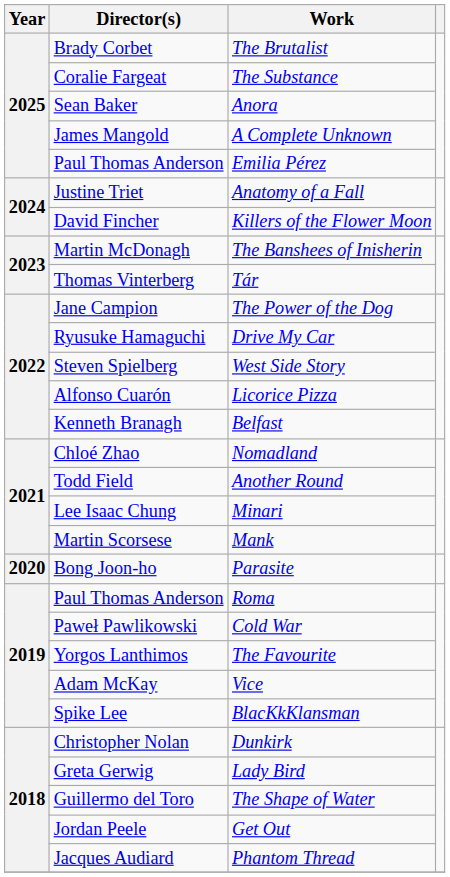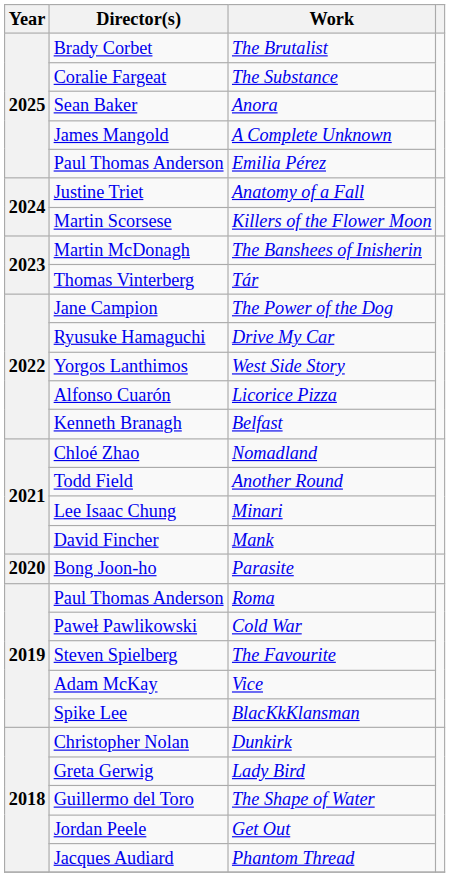 <table class="wikitable">
 <tr>
 <th>Year</th>
 <th>Director(s)</th>
 <th>Work</th>
 <th></th>
 </tr>
 <tr>
 <th rowspan="5">2025</th>
 <td><a href='#'>Brady Corbet</a></td>
 <td><em><a href='#'>The Brutalist</a></em></td>
 <td rowspan="5"></td>
 </tr>
 <tr>
 <td><a href='#'>Coralie Fargeat</a></td>
 <td><em><a href='#'>The Substance</a></em></td>
 </tr>
 <tr>
 <td><a href='#'>Sean Baker</a></td>
 <td><em><a href='#'>Anora</a></em></td>
 </tr>
 <tr>
 <td><a href='#'>James Mangold</a></td>
 <td><em><a href='#'>A Complete Unknown</a></em></td>
 </tr>
 <tr>
 <td><a href='#'>Paul Thomas Anderson</a></td>
 <td><em><a href='#'>Emilia Pérez</a></em></td>
 </tr>
 <tr>
 <th rowspan="2">2024</th>
 <td><a href='#'>Justine Triet</a></td>
 <td><em><a href='#'>Anatomy of a Fall</a></em></td>
 <td rowspan="2"></td>
 </tr>
 <tr>
-<td><a href='#'>David Fincher</a></td>
+<td><a href='#'>Martin Scorsese</a></td>
 <td><em><a href='#'>Killers of the Flower Moon</a></em></td>
 </tr>
 <tr>
 <th rowspan="2">2023</th>
 <td><a href='#'>Martin McDonagh</a></td>
 <td><em><a href='#'>The Banshees of Inisherin</a></em></td>
 <td rowspan="2"></td>
 </tr>
 <tr>
 <td><a href='#'>Thomas Vinterberg</a></td>
 <td><em><a href='#'>Tár</a></em></td>
 </tr>
 <tr>
 <th rowspan="5">2022</th>
 <td><a href='#'>Jane Campion</a></td>
 <td><em><a href='#'>The Power of the Dog</a></em></td>
 <td rowspan="5"></td>
 </tr>
 <tr>
 <td><a href='#'>Ryusuke Hamaguchi</a></td>
 <td><em><a href='#'>Drive My Car</a></em></td>
 </tr>
 <tr>
-<td><a href='#'>Steven Spielberg</a></td>
+<td><a href='#'>Yorgos Lanthimos</a></td>
 <td><em><a href='#'>West Side Story</a></em></td>
 </tr>
 <tr>
 <td><a href='#'>Alfonso Cuarón</a></td>
 <td><em><a href='#'>Licorice Pizza</a></em></td>
 </tr>
 <tr>
 <td><a href='#'>Kenneth Branagh</a></td>
 <td><em><a href='#'>Belfast</a></em></td>
 </tr>
 <tr>
 <th rowspan="4">2021</th>
 <td><a href='#'>Chloé Zhao</a></td>
 <td><em><a href='#'>Nomadland</a></em></td>
 <td rowspan="4"></td>
 </tr>
 <tr>
 <td><a href='#'>Todd Field</a></td>
 <td><em><a href='#'>Another Round</a></em></td>
 </tr>
 <tr>
 <td><a href='#'>Lee Isaac Chung</a></td>
 <td><em><a href='#'>Minari</a></em></td>
 </tr>
 <tr>
-<td><a href='#'>Martin Scorsese</a></td>
+<td><a href='#'>David Fincher</a></td>
 <td><em><a href='#'>Mank</a></em></td>
 </tr>
 <tr>
 <th>2020</th>
 <td><a href='#'>Bong Joon-ho</a></td>
 <td><em><a href='#'>Parasite</a></em></td>
 <td></td>
 </tr>
 <tr>
 <th rowspan="5">2019</th>
 <td><a href='#'>Paul Thomas Anderson</a></td>
 <td><em><a href='#'>Roma</a></em></td>
 <td rowspan="5"></td>
 </tr>
 <tr>
 <td><a href='#'>Paweł Pawlikowski</a></td>
 <td><em><a href='#'>Cold War</a></em></td>
 </tr>
 <tr>
-<td><a href='#'>Yorgos Lanthimos</a></td>
+<td><a href='#'>Steven Spielberg</a></td>
 <td><em><a href='#'>The Favourite</a></em></td>
 </tr>
 <tr>
 <td><a href='#'>Adam McKay</a></td>
 <td><em><a href='#'>Vice</a></em></td>
 </tr>
 <tr>
 <td><a href='#'>Spike Lee</a></td>
 <td><em><a href='#'>BlacKkKlansman</a></em></td>
 </tr>
 <tr>
 <th rowspan="5">2018</th>
 <td><a href='#'>Christopher Nolan</a></td>
 <td><em><a href='#'>Dunkirk</a></em></td>
 <td rowspan="5"></td>
 </tr>
 <tr>
 <td><a href='#'>Greta Gerwig</a></td>
 <td><em><a href='#'>Lady Bird</a></em></td>
 </tr>
 <tr>
 <td><a href='#'>Guillermo del Toro</a></td>
 <td><em><a href='#'>The Shape of Water</a></em></td>
 </tr>
 <tr>
 <td><a href='#'>Jordan Peele</a></td>
 <td><em><a href='#'>Get Out</a></em></td>
 </tr>
 <tr>
 <td><a href='#'>Jacques Audiard</a></td>
 <td><em><a href='#'>Phantom Thread</a></em></td>
 </tr>
 <tr>
 </tr>
 </table>
